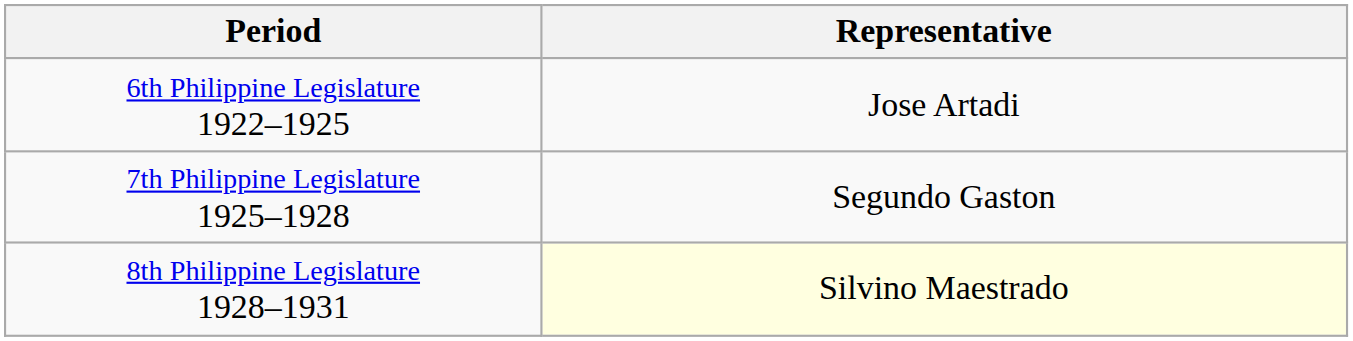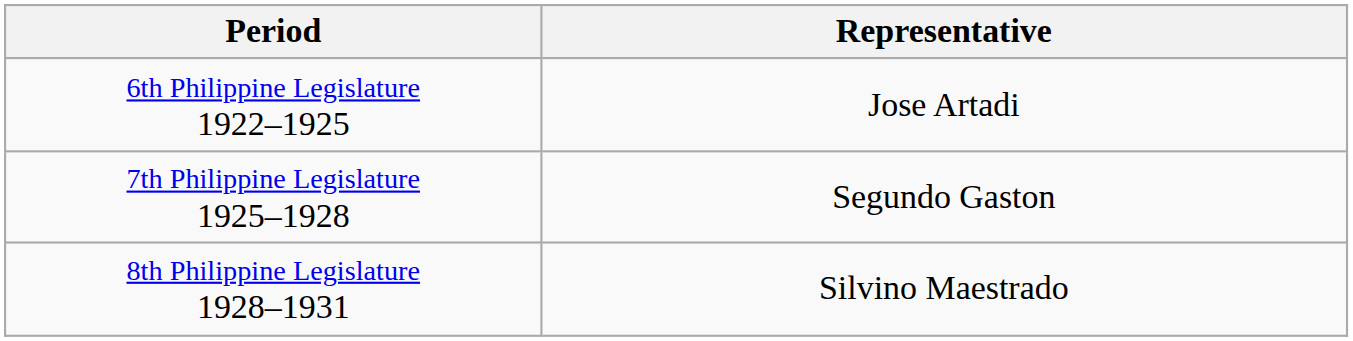 <table class="wikitable" style="text-align:center; width:40%;">
 <tr>
 <th width=40%>Period</th>
 <th>Representative</th>
 </tr>
 <tr>
 <td><small><a href='#'>6th Philippine Legislature</a></small><br>1922–1925</td>
 <td>Jose Artadi</td>
 </tr>
 <tr>
 <td><small><a href='#'>7th Philippine Legislature</a></small><br>1925–1928</td>
 <td>Segundo Gaston</td>
 </tr>
 <tr>
 <td><small><a href='#'>8th Philippine Legislature</a></small><br>1928–1931</td>
-<td style="background: lightyellow;">Silvino Maestrado</td>
+<td>Silvino Maestrado</td>
 </tr>
 </table>
